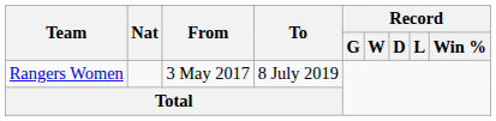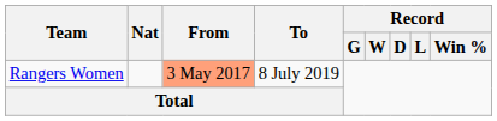 <table class="wikitable" style="text-align: center">
 <tr>
 <th rowspan="2">Team</th>
 <th rowspan="2">Nat</th>
 <th rowspan="2">From</th>
 <th rowspan="2">To</th>
 <th colspan="5">Record</th>
 </tr>
 <tr>
 <th>G</th>
 <th>W</th>
 <th>D</th>
 <th>L</th>
 <th>Win %</th>
 </tr>
 <tr>
 <td align=left><a href='#'>Rangers Women</a></td>
 <td></td>
-<td align=left>3 May 2017</td>
+<td align=left style="background: lightsalmon;">3 May 2017</td>
 <td align=left>8 July 2019<br></td>
 </tr>
 <tr>
 <th colspan=4>Total<br></th>
 </tr>
 </table>
